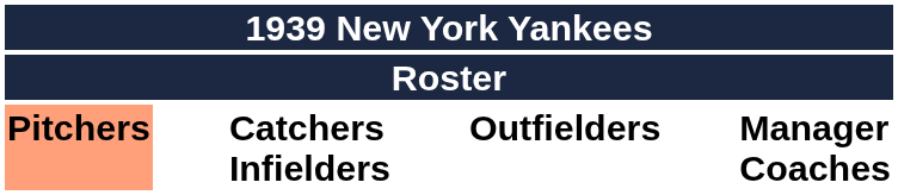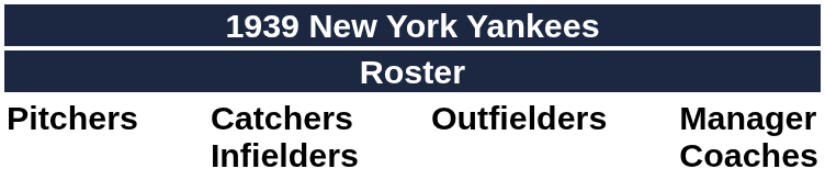 <table class="toccolours" style="font-size: 95%;">
 <tr>
 <th colspan="10" style="background-color: #1c2841; color: white; text-align: center;">1939 New York Yankees</th>
 </tr>
 <tr>
 <td colspan="10" style="background-color: #1c2841; color: white; text-align: center;"><strong>Roster</strong></td>
 </tr>
 <tr>
-<td valign="top" style="background: lightsalmon;"><strong>Pitchers</strong><br>           </td>
+<td valign="top"><strong>Pitchers</strong><br>           </td>
 <td width="25px"></td>
 <td valign="top"><strong>Catchers</strong><br>   <strong>Infielders</strong>      </td>
 <td width="25px"></td>
 <td valign="top"><strong>Outfielders</strong><br>     </td>
 <td width="25px"></td>
 <td valign="top"><strong>Manager</strong><br> <strong>Coaches</strong>   </td>
 </tr>
 </table>
